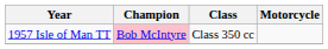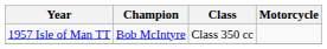 <table class="wikitable">
 <tr>
 <th>Year</th>
 <th>Champion</th>
 <th>Class</th>
 <th>Motorcycle</th>
 </tr>
 <tr>
 <td><a href='#'>1957 Isle of Man TT</a></td>
-<td style="background: pink;"> <a href='#'>Bob McIntyre</a></td>
+<td> <a href='#'>Bob McIntyre</a></td>
 <td>Class 350 cc</td>
 <td></td>
 </tr>
 <tr>
 </tr>
 </table>
